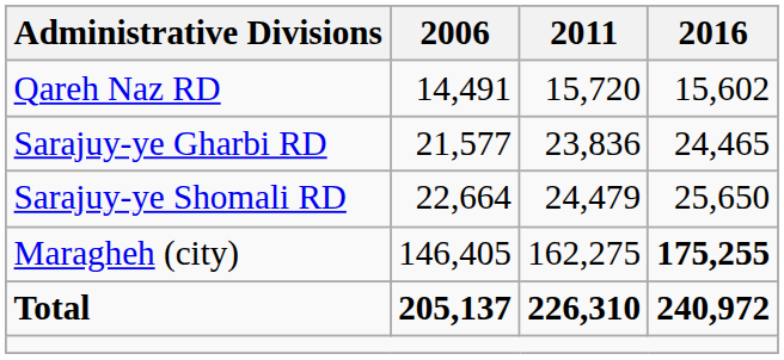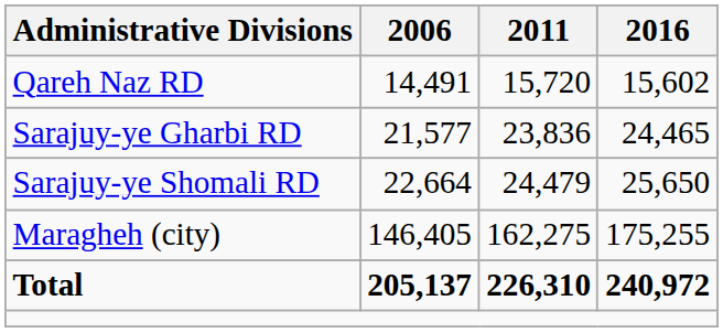 <table class="wikitable">
 <tr>
 <th>Administrative Divisions</th>
 <th>2006</th>
 <th>2011</th>
 <th>2016</th>
 </tr>
 <tr>
 <td><a href='#'>Qareh Naz RD</a></td>
 <td style="text-align: right;">14,491</td>
 <td style="text-align: right;">15,720</td>
 <td style="text-align: right;">15,602</td>
 </tr>
 <tr>
 <td><a href='#'>Sarajuy-ye Gharbi RD</a></td>
 <td style="text-align: right;">21,577</td>
 <td style="text-align: right;">23,836</td>
 <td style="text-align: right;">24,465</td>
 </tr>
 <tr>
 <td><a href='#'>Sarajuy-ye Shomali RD</a></td>
 <td style="text-align: right;">22,664</td>
 <td style="text-align: right;">24,479</td>
 <td style="text-align: right;">25,650</td>
 </tr>
 <tr>
 <td><a href='#'>Maragheh</a> (city)</td>
 <td style="text-align: right;">146,405</td>
 <td style="text-align: right;">162,275</td>
-<td style="text-align: right;"><strong>175,255</strong></td>
+<td style="text-align: right;">175,255</td>
 </tr>
 <tr>
 <td><strong>Total</strong></td>
 <td style="text-align: right;"><strong>205,137</strong></td>
 <td style="text-align: right;"><strong>226,310</strong></td>
 <td style="text-align: right;"><strong>240,972</strong></td>
 </tr>
 <tr>
 <td colspan=4></td>
 </tr>
 </table>
